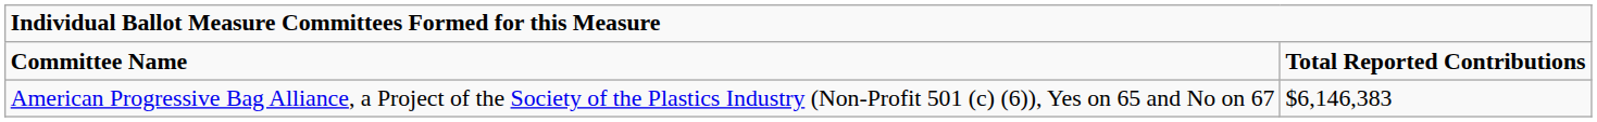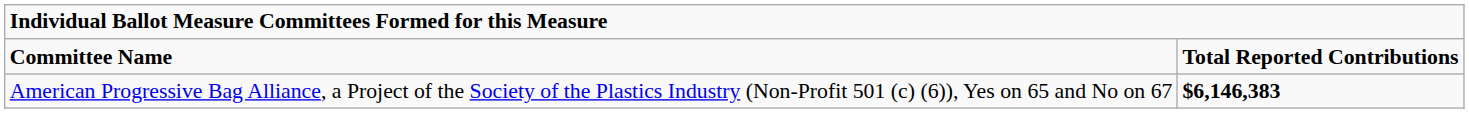 <table class="wikitable">
 <tr>
 <td colspan="2"><strong>Individual Ballot Measure Committees Formed for this Measure</strong></td>
 </tr>
 <tr>
 <td><strong>Committee Name</strong></td>
 <td><strong>Total Reported Contributions</strong></td>
 </tr>
 <tr>
 <td><a href='#'>American Progressive Bag Alliance</a>, a Project of the <a href='#'>Society of the Plastics Industry</a> (Non-Profit 501 (c) (6)), Yes on 65 and No on 67</td>
-<td>$6,146,383</td>
+<td><strong>$6,146,383</strong></td>
 </tr>
 </table>
